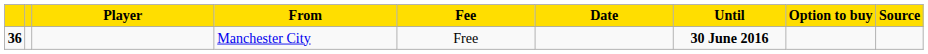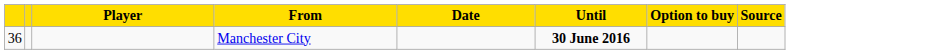 <table class="wikitable sortable">
 <tr>
 <th style="background:#FFDE00"></th>
 <th style="background:#FFDE00"></th>
 <th width=200 style="background:#FFDE00">Player</th>
 <th width=200 style="background:#FFDE00">From</th>
-<th width=150 style="background:#FFDE00">Fee</th>
 <th width=150 style="background:#FFDE00">Date</th>
 <th width=120 style="background:#FFDE00">Until</th>
 <th style="background:#FFDE00">Option to buy</th>
 <th style="background:#FFDE00">Source</th>
 </tr>
 <tr>
-<td align=center><strong>36</strong></td>
+<td align=center>36</td>
 <td align=center></td>
 <td></td>
 <td> <a href='#'>Manchester City</a></td>
-<td align=center>Free</td>
 <td align=center></td>
 <td align=center><strong>30 June 2016</strong></td>
 <td align=center></td>
 <td align=center></td>
 </tr>
 </table>
